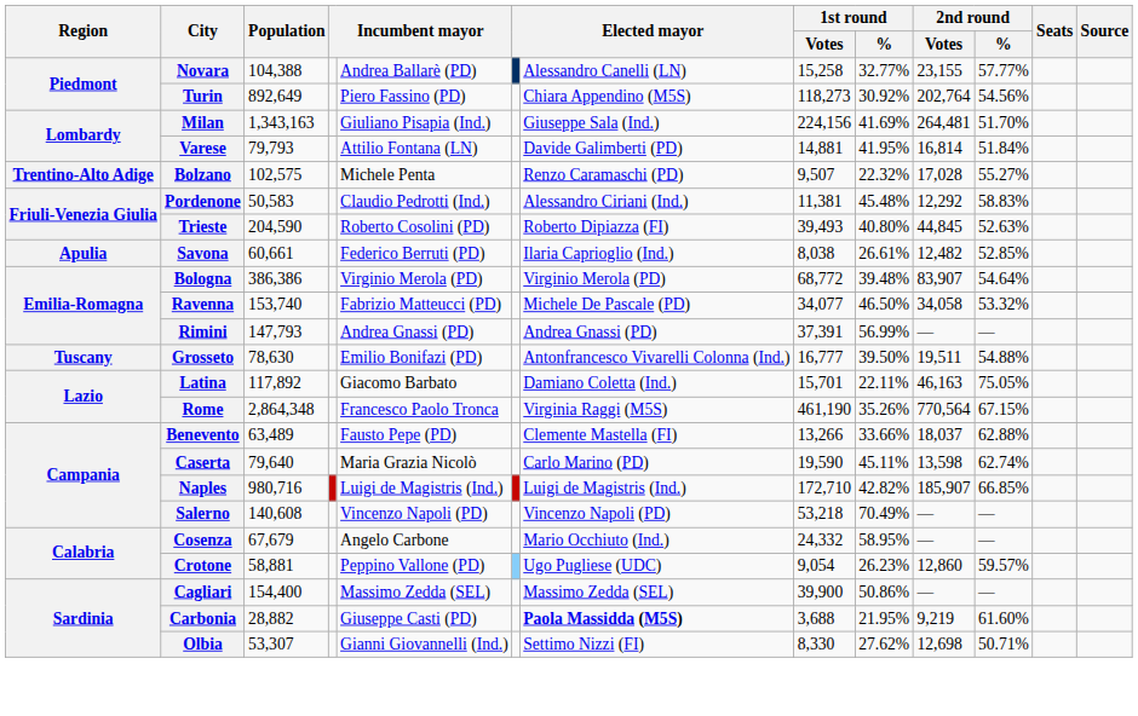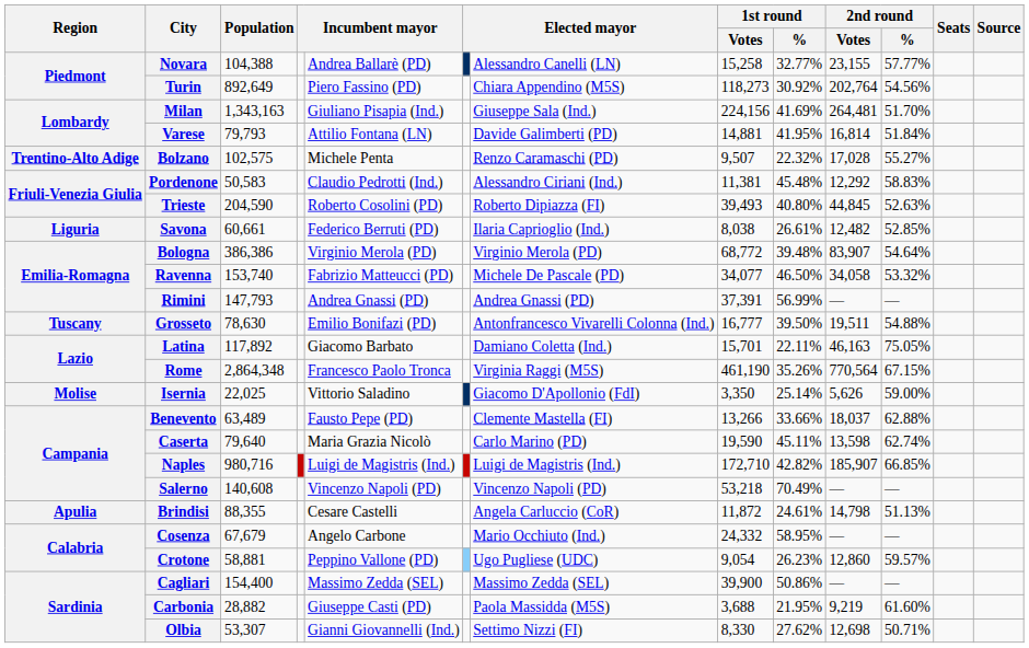 <table class=wikitable>
 <tr>
 <th rowspan=2>Region</th>
 <th rowspan=2>City</th>
 <th rowspan=2>Population</th>
 <th colspan=2 rowspan=2>Incumbent mayor</th>
 <th colspan=2 rowspan=2>Elected mayor</th>
 <th colspan=2>1st round</th>
 <th colspan=2>2nd round</th>
 <th rowspan=2>Seats</th>
 <th rowspan=2>Source</th>
 </tr>
 <tr>
 <th>Votes</th>
 <th>%</th>
 <th>Votes</th>
 <th>%</th>
 </tr>
 <tr>
 <th rowspan=2> <a href='#'>Piedmont</a></th>
 <th><a href='#'>Novara</a></th>
 <td>104,388</td>
 <td style="color:inherit;background:"></td>
 <td><a href='#'>Andrea Ballarè</a> (<a href='#'>PD</a>)</td>
 <td style="color:inherit;background:#002E63"></td>
 <td><a href='#'>Alessandro Canelli</a> (<a href='#'>LN</a>)</td>
 <td>15,258</td>
 <td>32.77%</td>
 <td>23,155</td>
 <td>57.77%</td>
 <td></td>
 <td></td>
 </tr>
 <tr>
 <th><a href='#'>Turin</a></th>
 <td>892,649</td>
 <td style="color:inherit;background:"></td>
 <td><a href='#'>Piero Fassino</a> (<a href='#'>PD</a>)</td>
 <td style="color:inherit;background:"></td>
 <td><a href='#'>Chiara Appendino</a> (<a href='#'>M5S</a>)</td>
 <td>118,273</td>
 <td>30.92%</td>
 <td>202,764</td>
 <td>54.56%</td>
 <td></td>
 <td></td>
 </tr>
 <tr>
 <th rowspan=2> <a href='#'>Lombardy</a></th>
 <th><a href='#'>Milan</a></th>
 <td>1,343,163</td>
 <td style="color:inherit;background:"></td>
 <td><a href='#'>Giuliano Pisapia</a> (<a href='#'>Ind.</a>)</td>
 <td style="color:inherit;background:"></td>
 <td><a href='#'>Giuseppe Sala</a> (<a href='#'>Ind.</a>)</td>
 <td>224,156</td>
 <td>41.69%</td>
 <td>264,481</td>
 <td>51.70%</td>
 <td></td>
 <td></td>
 </tr>
 <tr>
 <th><a href='#'>Varese</a></th>
 <td>79,793</td>
 <td style="color:inherit;background:"></td>
 <td><a href='#'>Attilio Fontana</a> (<a href='#'>LN</a>)</td>
 <td style="color:inherit;background:"></td>
 <td><a href='#'>Davide Galimberti</a> (<a href='#'>PD</a>)</td>
 <td>14,881</td>
 <td>41.95%</td>
 <td>16,814</td>
 <td>51.84%</td>
 <td></td>
 <td></td>
 </tr>
 <tr>
 <th> <a href='#'>Trentino-Alto Adige</a></th>
 <th><a href='#'>Bolzano</a></th>
 <td>102,575</td>
 <td style="color:inherit;background:"></td>
 <td>Michele Penta</td>
 <td style="color:inherit;background:"></td>
 <td><a href='#'>Renzo Caramaschi</a> (<a href='#'>PD</a>)</td>
 <td>9,507</td>
 <td>22.32%</td>
 <td>17,028</td>
 <td>55.27%</td>
 <td></td>
 <td></td>
 </tr>
 <tr>
 <th rowspan=2> <a href='#'>Friuli-Venezia Giulia</a></th>
 <th><a href='#'>Pordenone</a></th>
 <td>50,583</td>
 <td style="color:inherit;background:"></td>
 <td><a href='#'>Claudio Pedrotti</a> (<a href='#'>Ind.</a>)</td>
 <td style="color:inherit;background:"></td>
 <td><a href='#'>Alessandro Ciriani</a> (<a href='#'>Ind.</a>)</td>
 <td>11,381</td>
 <td>45.48%</td>
 <td>12,292</td>
 <td>58.83%</td>
 <td></td>
 <td></td>
 </tr>
 <tr>
 <th><a href='#'>Trieste</a></th>
 <td>204,590</td>
 <td style="color:inherit;background:"></td>
 <td><a href='#'>Roberto Cosolini</a> (<a href='#'>PD</a>)</td>
 <td style="color:inherit;background:"></td>
 <td><a href='#'>Roberto Dipiazza</a> (<a href='#'>FI</a>)</td>
 <td>39,493</td>
 <td>40.80%</td>
 <td>44,845</td>
 <td>52.63%</td>
 <td></td>
 <td></td>
 </tr>
 <tr>
-<th> <a href='#'>Apulia</a></th>
+<th> <a href='#'>Liguria</a></th>
 <th><a href='#'>Savona</a></th>
 <td>60,661</td>
 <td style="color:inherit;background:"></td>
 <td><a href='#'>Federico Berruti</a> (<a href='#'>PD</a>)</td>
 <td style="color:inherit;background:"></td>
 <td><a href='#'>Ilaria Caprioglio</a> (<a href='#'>Ind.</a>)</td>
 <td>8,038</td>
 <td>26.61%</td>
 <td>12,482</td>
 <td>52.85%</td>
 <td></td>
 <td></td>
 </tr>
 <tr>
 <th rowspan=3> <a href='#'>Emilia-Romagna</a></th>
 <th><a href='#'>Bologna</a></th>
 <td>386,386</td>
 <td style="color:inherit;background:"></td>
 <td><a href='#'>Virginio Merola</a> (<a href='#'>PD</a>)</td>
 <td style="color:inherit;background:"></td>
 <td><a href='#'>Virginio Merola</a> (<a href='#'>PD</a>)</td>
 <td>68,772</td>
 <td>39.48%</td>
 <td>83,907</td>
 <td>54.64%</td>
 <td></td>
 <td></td>
 </tr>
 <tr>
 <th><a href='#'>Ravenna</a></th>
 <td>153,740</td>
 <td style="color:inherit;background:"></td>
 <td><a href='#'>Fabrizio Matteucci</a> (<a href='#'>PD</a>)</td>
 <td style="color:inherit;background:"></td>
 <td><a href='#'>Michele De Pascale</a> (<a href='#'>PD</a>)</td>
 <td>34,077</td>
 <td>46.50%</td>
 <td>34,058</td>
 <td>53.32%</td>
 <td></td>
 <td></td>
 </tr>
 <tr>
 <th><a href='#'>Rimini</a></th>
 <td>147,793</td>
 <td style="color:inherit;background:"></td>
 <td><a href='#'>Andrea Gnassi</a> (<a href='#'>PD</a>)</td>
 <td style="color:inherit;background:"></td>
 <td><a href='#'>Andrea Gnassi</a> (<a href='#'>PD</a>)</td>
 <td>37,391</td>
 <td>56.99%</td>
 <td>—</td>
 <td>—</td>
 <td></td>
 <td></td>
 </tr>
 <tr>
 <th> <a href='#'>Tuscany</a></th>
 <th><a href='#'>Grosseto</a></th>
 <td>78,630</td>
 <td style="color:inherit;background:"></td>
 <td><a href='#'>Emilio Bonifazi</a> (<a href='#'>PD</a>)</td>
 <td style="color:inherit;background:"></td>
 <td><a href='#'>Antonfrancesco Vivarelli Colonna</a> (<a href='#'>Ind.</a>)</td>
 <td>16,777</td>
 <td>39.50%</td>
 <td>19,511</td>
 <td>54.88%</td>
 <td></td>
 <td></td>
 </tr>
 <tr>
 <th rowspan=2> <a href='#'>Lazio</a></th>
 <th><a href='#'>Latina</a></th>
 <td>117,892</td>
 <td style="color:inherit;background:"></td>
 <td>Giacomo Barbato</td>
 <td style="color:inherit;background:"></td>
 <td><a href='#'>Damiano Coletta</a> (<a href='#'>Ind.</a>)</td>
 <td>15,701</td>
 <td>22.11%</td>
 <td>46,163</td>
 <td>75.05%</td>
 <td></td>
 <td></td>
 </tr>
 <tr>
 <th><a href='#'>Rome</a></th>
 <td>2,864,348</td>
 <td style="color:inherit;background:"></td>
 <td><a href='#'>Francesco Paolo Tronca</a></td>
 <td style="color:inherit;background:"></td>
 <td><a href='#'>Virginia Raggi</a> (<a href='#'>M5S</a>)</td>
 <td>461,190</td>
 <td>35.26%</td>
 <td>770,564</td>
 <td>67.15%</td>
 <td></td>
 <td></td>
 </tr>
 <tr>
+<th> <a href='#'>Molise</a></th>
+<th><a href='#'>Isernia</a></th>
+<td>22,025</td>
+<td style="color:inherit;background:"></td>
+<td>Vittorio Saladino</td>
+<td style="color:inherit;background:#002E63"></td>
+<td><a href='#'>Giacomo D'Apollonio</a> (<a href='#'>FdI</a>)</td>
+<td>3,350</td>
+<td>25.14%</td>
+<td>5,626</td>
+<td>59.00%</td>
+<td></td>
+<td></td>
+</tr>
+<tr>
 <th rowspan=4> <a href='#'>Campania</a></th>
 <th><a href='#'>Benevento</a></th>
 <td>63,489</td>
 <td style="color:inherit;background:"></td>
 <td><a href='#'>Fausto Pepe</a> (<a href='#'>PD</a>)</td>
 <td style="color:inherit;background:"></td>
 <td><a href='#'>Clemente Mastella</a> (<a href='#'>FI</a>)</td>
 <td>13,266</td>
 <td>33.66%</td>
 <td>18,037</td>
 <td>62.88%</td>
 <td></td>
 <td></td>
 </tr>
 <tr>
 <th><a href='#'>Caserta</a></th>
 <td>79,640</td>
 <td style="color:inherit;background:"></td>
 <td>Maria Grazia Nicolò</td>
 <td style="color:inherit;background:"></td>
 <td><a href='#'>Carlo Marino</a> (<a href='#'>PD</a>)</td>
 <td>19,590</td>
 <td>45.11%</td>
 <td>13,598</td>
 <td>62.74%</td>
 <td></td>
 <td></td>
 </tr>
 <tr>
 <th><a href='#'>Naples</a></th>
 <td>980,716</td>
 <td style="color:inherit;background:#C60400"></td>
 <td><a href='#'>Luigi de Magistris</a> (<a href='#'>Ind.</a>)</td>
 <td style="color:inherit;background:#C60400"></td>
 <td><a href='#'>Luigi de Magistris</a> (<a href='#'>Ind.</a>)</td>
 <td>172,710</td>
 <td>42.82%</td>
 <td>185,907</td>
 <td>66.85%</td>
 <td></td>
 <td></td>
 </tr>
 <tr>
 <th><a href='#'>Salerno</a></th>
 <td>140,608</td>
 <td style="color:inherit;background:"></td>
 <td><a href='#'>Vincenzo Napoli</a> (<a href='#'>PD</a>)</td>
 <td style="color:inherit;background:"></td>
 <td><a href='#'>Vincenzo Napoli</a> (<a href='#'>PD</a>)</td>
 <td>53,218</td>
 <td>70.49%</td>
 <td>—</td>
 <td>—</td>
 <td></td>
 <td></td>
 </tr>
 <tr>
+<th> <a href='#'>Apulia</a></th>
+<th><a href='#'>Brindisi</a></th>
+<td>88,355</td>
+<td style="color:inherit;background:"></td>
+<td>Cesare Castelli</td>
+<td style="color:inherit;background:"></td>
+<td><a href='#'>Angela Carluccio</a> (<a href='#'>CoR</a>)</td>
+<td>11,872</td>
+<td>24.61%</td>
+<td>14,798</td>
+<td>51.13%</td>
+<td></td>
+<td></td>
+</tr>
+<tr>
 <th rowspan=2> <a href='#'>Calabria</a></th>
 <th><a href='#'>Cosenza</a></th>
 <td>67,679</td>
 <td style="color:inherit;background:"></td>
 <td>Angelo Carbone</td>
 <td style="color:inherit;background:"></td>
 <td><a href='#'>Mario Occhiuto</a> (<a href='#'>Ind.</a>)</td>
 <td>24,332</td>
 <td>58.95%</td>
 <td>—</td>
 <td>—</td>
 <td></td>
 <td></td>
 </tr>
 <tr>
 <th><a href='#'>Crotone</a></th>
 <td>58,881</td>
 <td style="color:inherit;background:"></td>
 <td><a href='#'>Peppino Vallone</a> (<a href='#'>PD</a>)</td>
 <td style="color:inherit;background:#87CEFA"></td>
 <td><a href='#'>Ugo Pugliese</a> (<a href='#'>UDC</a>)</td>
 <td>9,054</td>
 <td>26.23%</td>
 <td>12,860</td>
 <td>59.57%</td>
 <td></td>
 <td></td>
 </tr>
 <tr>
 <th rowspan=4> <a href='#'>Sardinia</a></th>
 <th><a href='#'>Cagliari</a></th>
 <td>154,400</td>
 <td style="color:inherit;background:"></td>
 <td><a href='#'>Massimo Zedda</a> (<a href='#'>SEL</a>)</td>
 <td style="color:inherit;background:"></td>
 <td><a href='#'>Massimo Zedda</a> (<a href='#'>SEL</a>)</td>
 <td>39,900</td>
 <td>50.86%</td>
 <td>—</td>
 <td>—</td>
 <td></td>
 <td></td>
 </tr>
 <tr>
 <th><a href='#'>Carbonia</a></th>
 <td>28,882</td>
 <td style="color:inherit;background:"></td>
 <td><a href='#'>Giuseppe Casti</a> (<a href='#'>PD</a>)</td>
 <td style="color:inherit;background:"></td>
-<td><strong><a href='#'>Paola Massidda</a> (<a href='#'>M5S</a>)</strong></td>
+<td><a href='#'>Paola Massidda</a> (<a href='#'>M5S</a>)</td>
 <td>3,688</td>
 <td>21.95%</td>
 <td>9,219</td>
 <td>61.60%</td>
 <td></td>
 <td></td>
 </tr>
 <tr>
 <th><a href='#'>Olbia</a></th>
 <td>53,307</td>
 <td style="color:inherit;background:"></td>
 <td><a href='#'>Gianni Giovannelli</a> (<a href='#'>Ind.</a>)</td>
 <td style="color:inherit;background:"></td>
 <td><a href='#'>Settimo Nizzi</a> (<a href='#'>FI</a>)</td>
 <td>8,330</td>
 <td>27.62%</td>
 <td>12,698</td>
 <td>50.71%</td>
 <td></td>
 <td></td>
 </tr>
 </table>
